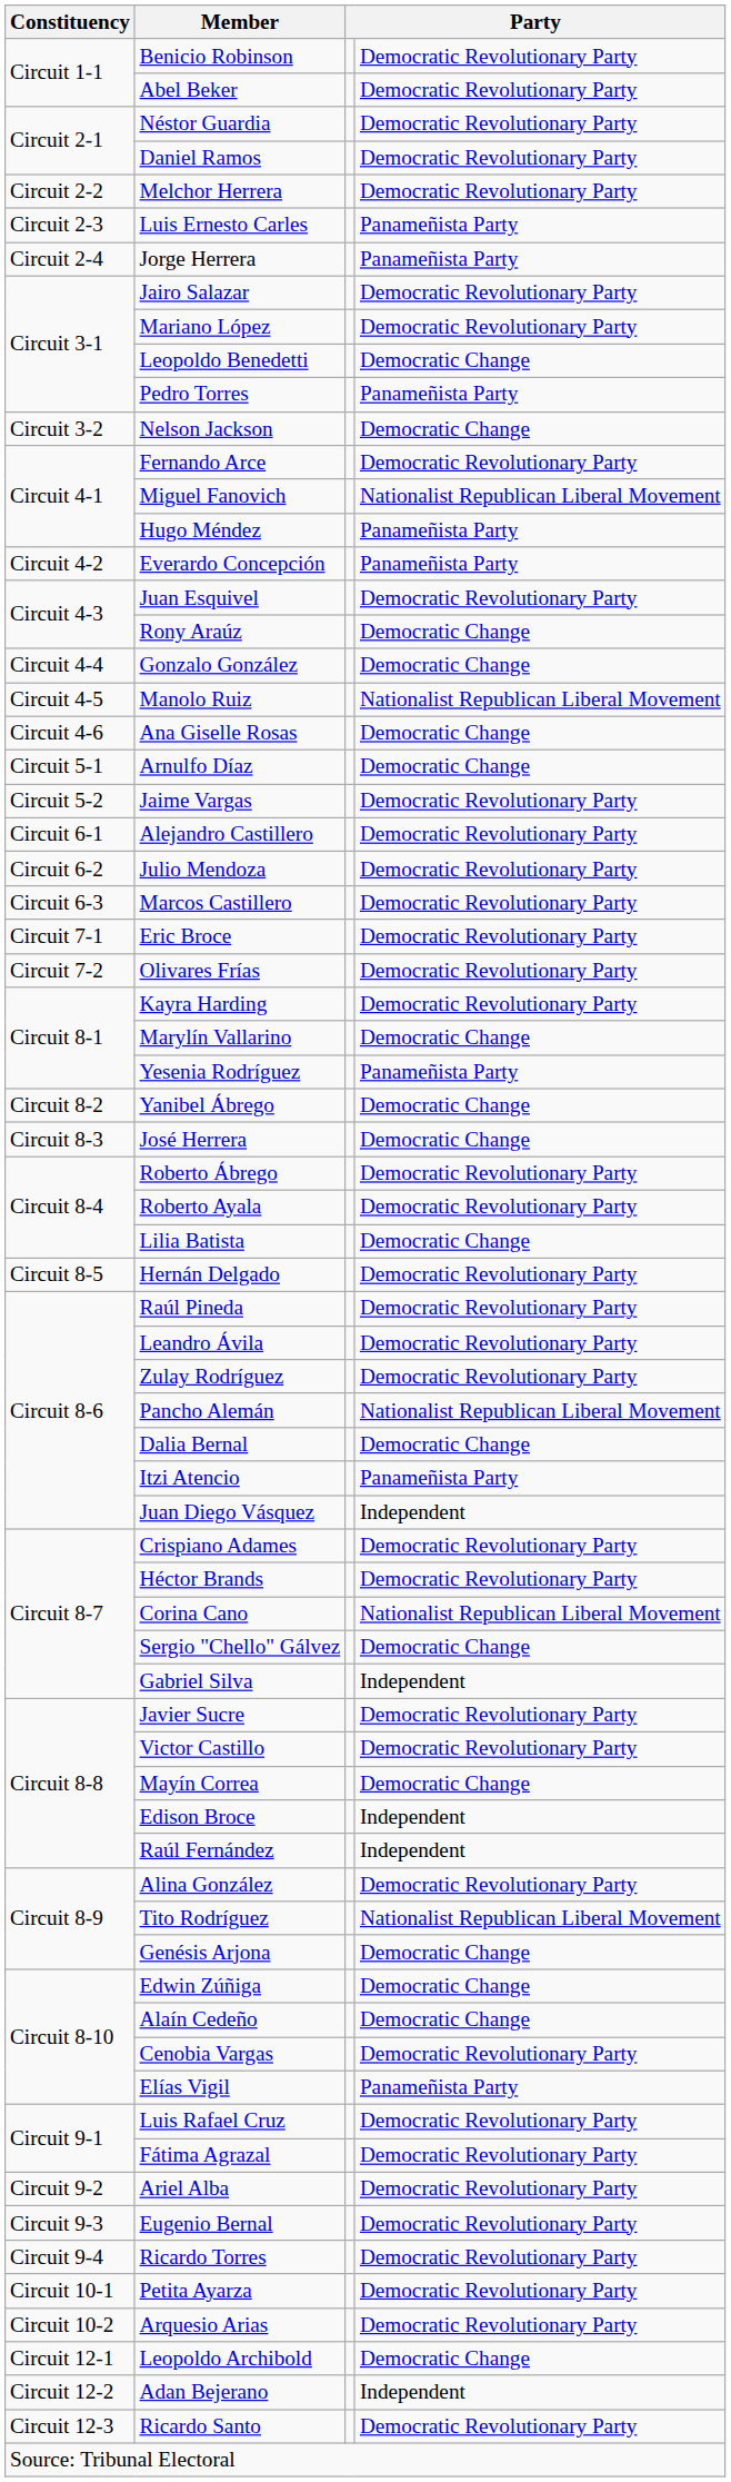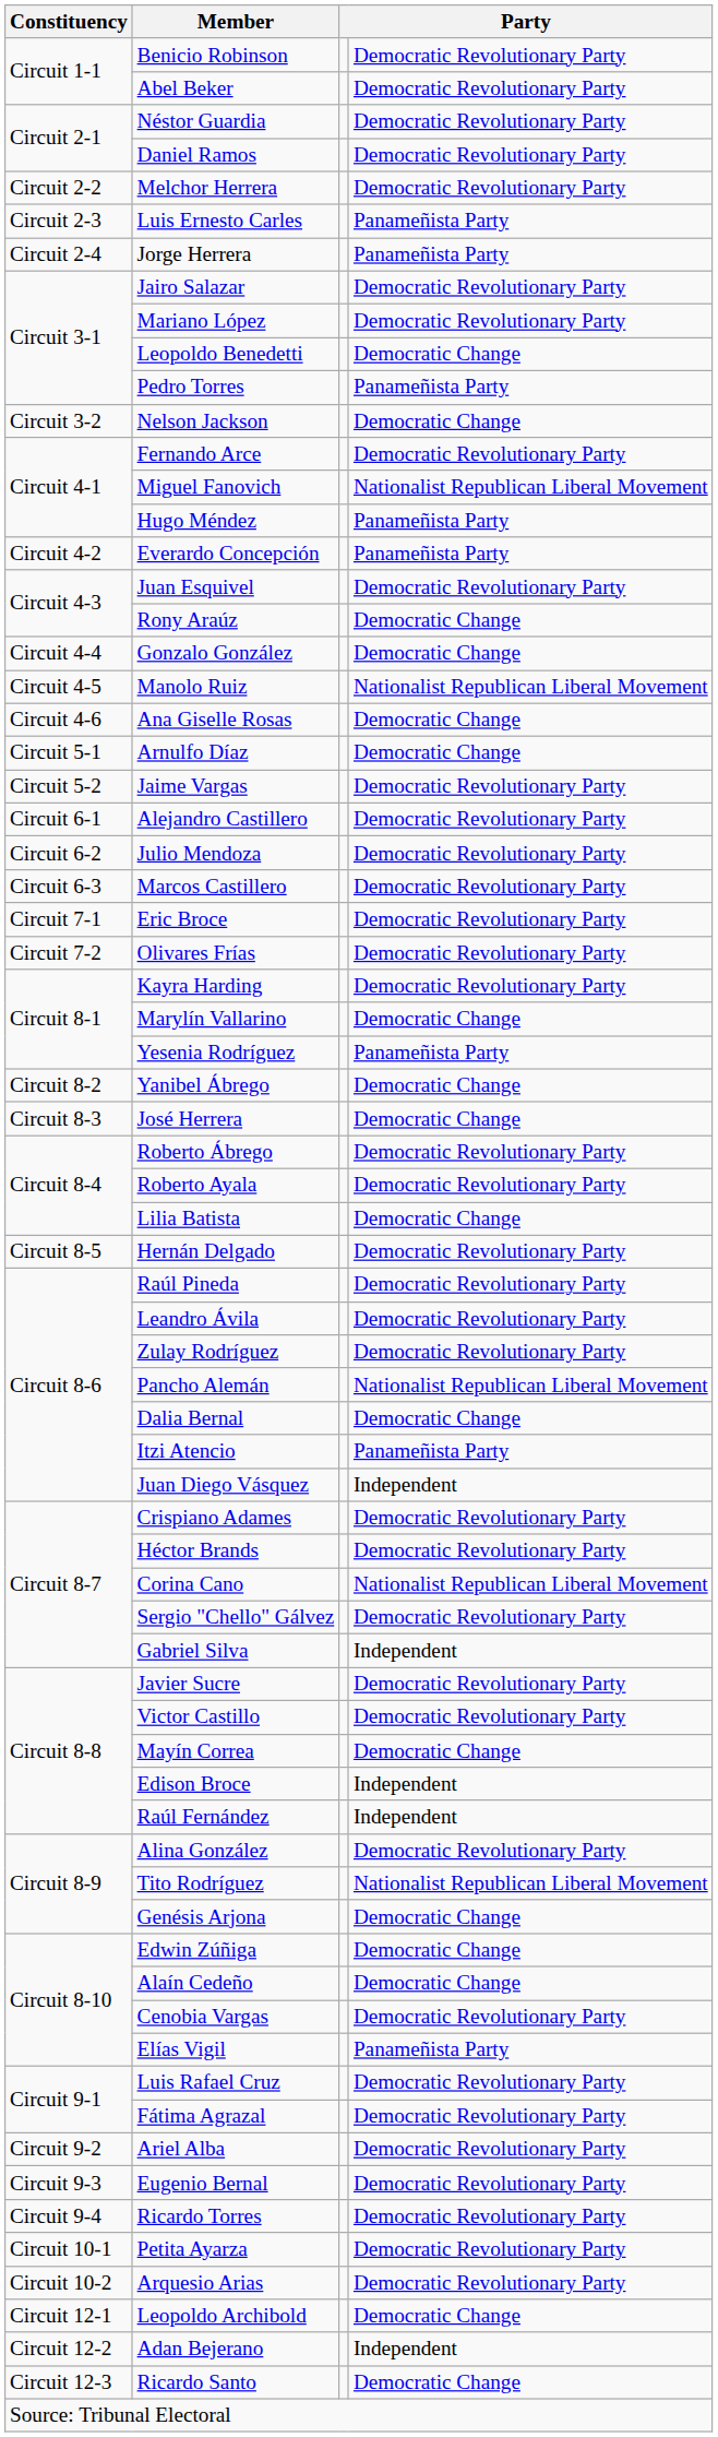 <table class="wikitable sortable">
 <tr>
 <th>Constituency</th>
 <th>Member</th>
 <th colspan="2">Party</th>
 </tr>
 <tr>
 <td rowspan=2>Circuit 1-1</td>
 <td><a href='#'>Benicio Robinson</a></td>
 <td style="background-color: "></td>
 <td><a href='#'>Democratic Revolutionary Party</a></td>
 </tr>
 <tr>
 <td><a href='#'>Abel Beker</a></td>
 <td style="background-color: "></td>
 <td><a href='#'>Democratic Revolutionary Party</a></td>
 </tr>
 <tr>
 <td rowspan=2>Circuit 2-1</td>
 <td><a href='#'>Néstor Guardia</a></td>
 <td style="background-color: "></td>
 <td><a href='#'>Democratic Revolutionary Party</a></td>
 </tr>
 <tr>
 <td><a href='#'>Daniel Ramos</a></td>
 <td style="background-color: "></td>
 <td><a href='#'>Democratic Revolutionary Party</a></td>
 </tr>
 <tr>
 <td>Circuit 2-2</td>
 <td><a href='#'>Melchor Herrera</a></td>
 <td style="background-color: "></td>
 <td><a href='#'>Democratic Revolutionary Party</a></td>
 </tr>
 <tr>
 <td>Circuit 2-3</td>
 <td><a href='#'>Luis Ernesto Carles</a></td>
 <td style="background-color: "></td>
 <td><a href='#'>Panameñista Party</a></td>
 </tr>
 <tr>
 <td>Circuit 2-4</td>
 <td>Jorge Herrera</td>
 <td style="background-color: "></td>
 <td><a href='#'>Panameñista Party</a></td>
 </tr>
 <tr>
 <td rowspan=4>Circuit 3-1</td>
 <td><a href='#'>Jairo Salazar</a></td>
 <td style="background-color: "></td>
 <td><a href='#'>Democratic Revolutionary Party</a></td>
 </tr>
 <tr>
 <td><a href='#'>Mariano López</a></td>
 <td style="background-color: "></td>
 <td><a href='#'>Democratic Revolutionary Party</a></td>
 </tr>
 <tr>
 <td><a href='#'>Leopoldo Benedetti</a></td>
 <td style="background-color: "></td>
 <td><a href='#'>Democratic Change</a></td>
 </tr>
 <tr>
 <td><a href='#'>Pedro Torres</a></td>
 <td style="background-color: "></td>
 <td><a href='#'>Panameñista Party</a></td>
 </tr>
 <tr>
 <td>Circuit 3-2</td>
 <td><a href='#'>Nelson Jackson</a></td>
 <td style="background-color: "></td>
 <td><a href='#'>Democratic Change</a></td>
 </tr>
 <tr>
 <td rowspan=3>Circuit 4-1</td>
 <td><a href='#'>Fernando Arce</a></td>
 <td style="background-color: "></td>
 <td><a href='#'>Democratic Revolutionary Party</a></td>
 </tr>
 <tr>
 <td><a href='#'>Miguel Fanovich</a></td>
 <td style="background-color: "></td>
 <td><a href='#'>Nationalist Republican Liberal Movement</a></td>
 </tr>
 <tr>
 <td><a href='#'>Hugo Méndez</a></td>
 <td style="background-color: "></td>
 <td><a href='#'>Panameñista Party</a></td>
 </tr>
 <tr>
 <td>Circuit 4-2</td>
 <td><a href='#'>Everardo Concepción</a></td>
 <td style="background-color: "></td>
 <td><a href='#'>Panameñista Party</a></td>
 </tr>
 <tr>
 <td rowspan=2>Circuit 4-3</td>
 <td><a href='#'>Juan Esquivel</a></td>
 <td style="background-color: "></td>
 <td><a href='#'>Democratic Revolutionary Party</a></td>
 </tr>
 <tr>
 <td><a href='#'>Rony Araúz</a></td>
 <td style="background-color: "></td>
 <td><a href='#'>Democratic Change</a></td>
 </tr>
 <tr>
 <td>Circuit 4-4</td>
 <td><a href='#'>Gonzalo González</a></td>
 <td style="background-color: "></td>
 <td><a href='#'>Democratic Change</a></td>
 </tr>
 <tr>
 <td>Circuit 4-5</td>
 <td><a href='#'>Manolo Ruiz</a></td>
 <td style="background-color: "></td>
 <td><a href='#'>Nationalist Republican Liberal Movement</a></td>
 </tr>
 <tr>
 <td>Circuit 4-6</td>
 <td><a href='#'>Ana Giselle Rosas</a></td>
 <td style="background-color: "></td>
 <td><a href='#'>Democratic Change</a></td>
 </tr>
 <tr>
 <td>Circuit 5-1</td>
 <td><a href='#'>Arnulfo Díaz</a></td>
 <td style="background-color: "></td>
 <td><a href='#'>Democratic Change</a></td>
 </tr>
 <tr>
 <td>Circuit 5-2</td>
 <td><a href='#'>Jaime Vargas</a></td>
 <td style="background-color: "></td>
 <td><a href='#'>Democratic Revolutionary Party</a></td>
 </tr>
 <tr>
 <td>Circuit 6-1</td>
 <td><a href='#'>Alejandro Castillero</a></td>
 <td style="background-color: "></td>
 <td><a href='#'>Democratic Revolutionary Party</a></td>
 </tr>
 <tr>
 <td>Circuit 6-2</td>
 <td><a href='#'>Julio Mendoza</a></td>
 <td style="background-color: "></td>
 <td><a href='#'>Democratic Revolutionary Party</a></td>
 </tr>
 <tr>
 <td>Circuit 6-3</td>
 <td><a href='#'>Marcos Castillero</a></td>
 <td style="background-color: "></td>
 <td><a href='#'>Democratic Revolutionary Party</a></td>
 </tr>
 <tr>
 <td>Circuit 7-1</td>
 <td><a href='#'>Eric Broce</a></td>
 <td style="background-color: "></td>
 <td><a href='#'>Democratic Revolutionary Party</a></td>
 </tr>
 <tr>
 <td>Circuit 7-2</td>
 <td><a href='#'>Olivares Frías</a></td>
 <td style="background-color: "></td>
 <td><a href='#'>Democratic Revolutionary Party</a></td>
 </tr>
 <tr>
 <td rowspan=3>Circuit 8-1</td>
 <td><a href='#'>Kayra Harding</a></td>
 <td style="background-color: "></td>
 <td><a href='#'>Democratic Revolutionary Party</a></td>
 </tr>
 <tr>
 <td><a href='#'>Marylín Vallarino</a></td>
 <td style="background-color: "></td>
 <td><a href='#'>Democratic Change</a></td>
 </tr>
 <tr>
 <td><a href='#'>Yesenia Rodríguez</a></td>
 <td style="background-color: "></td>
 <td><a href='#'>Panameñista Party</a></td>
 </tr>
 <tr>
 <td>Circuit 8-2</td>
 <td><a href='#'>Yanibel Ábrego</a></td>
 <td style="background-color: "></td>
 <td><a href='#'>Democratic Change</a></td>
 </tr>
 <tr>
 <td>Circuit 8-3</td>
 <td><a href='#'>José Herrera</a></td>
 <td style="background-color: "></td>
 <td><a href='#'>Democratic Change</a></td>
 </tr>
 <tr>
 <td rowspan=3>Circuit 8-4</td>
 <td><a href='#'>Roberto Ábrego</a></td>
 <td style="background-color: "></td>
 <td><a href='#'>Democratic Revolutionary Party</a></td>
 </tr>
 <tr>
 <td><a href='#'>Roberto Ayala</a></td>
 <td style="background-color: "></td>
 <td><a href='#'>Democratic Revolutionary Party</a></td>
 </tr>
 <tr>
 <td><a href='#'>Lilia Batista</a></td>
 <td style="background-color: "></td>
 <td><a href='#'>Democratic Change</a></td>
 </tr>
 <tr>
 <td>Circuit 8-5</td>
 <td><a href='#'>Hernán Delgado</a></td>
 <td style="background-color: "></td>
 <td><a href='#'>Democratic Revolutionary Party</a></td>
 </tr>
 <tr>
 <td rowspan=7>Circuit 8-6</td>
 <td><a href='#'>Raúl Pineda</a></td>
 <td style="background-color: "></td>
 <td><a href='#'>Democratic Revolutionary Party</a></td>
 </tr>
 <tr>
 <td><a href='#'>Leandro Ávila</a></td>
 <td style="background-color: "></td>
 <td><a href='#'>Democratic Revolutionary Party</a></td>
 </tr>
 <tr>
 <td><a href='#'>Zulay Rodríguez</a></td>
 <td style="background-color: "></td>
 <td><a href='#'>Democratic Revolutionary Party</a></td>
 </tr>
 <tr>
 <td><a href='#'>Pancho Alemán</a></td>
 <td style="background-color: "></td>
 <td><a href='#'>Nationalist Republican Liberal Movement</a></td>
 </tr>
 <tr>
 <td><a href='#'>Dalia Bernal</a></td>
 <td style="background-color: "></td>
 <td><a href='#'>Democratic Change</a></td>
 </tr>
 <tr>
 <td><a href='#'>Itzi Atencio</a></td>
 <td style="background-color: "></td>
 <td><a href='#'>Panameñista Party</a></td>
 </tr>
 <tr>
 <td><a href='#'>Juan Diego Vásquez</a></td>
 <td style="background-color: "></td>
 <td>Independent</td>
 </tr>
 <tr>
 <td rowspan=5>Circuit 8-7</td>
 <td><a href='#'>Crispiano Adames</a></td>
 <td style="background-color: "></td>
 <td><a href='#'>Democratic Revolutionary Party</a></td>
 </tr>
 <tr>
 <td><a href='#'>Héctor Brands</a></td>
 <td style="background-color: "></td>
 <td><a href='#'>Democratic Revolutionary Party</a></td>
 </tr>
 <tr>
 <td><a href='#'>Corina Cano</a></td>
 <td style="background-color: "></td>
 <td><a href='#'>Nationalist Republican Liberal Movement</a></td>
 </tr>
 <tr>
 <td><a href='#'>Sergio "Chello" Gálvez</a></td>
 <td style="background-color: "></td>
-<td><a href='#'>Democratic Change</a></td>
+<td><a href='#'>Democratic Revolutionary Party</a></td>
 </tr>
 <tr>
 <td><a href='#'>Gabriel Silva</a></td>
 <td style="background-color: "></td>
 <td>Independent</td>
 </tr>
 <tr>
 <td rowspan=5>Circuit 8-8</td>
 <td><a href='#'>Javier Sucre</a></td>
 <td style="background-color: "></td>
 <td><a href='#'>Democratic Revolutionary Party</a></td>
 </tr>
 <tr>
 <td><a href='#'>Victor Castillo</a></td>
 <td style="background-color: "></td>
 <td><a href='#'>Democratic Revolutionary Party</a></td>
 </tr>
 <tr>
 <td><a href='#'>Mayín Correa</a></td>
 <td style="background-color: "></td>
 <td><a href='#'>Democratic Change</a></td>
 </tr>
 <tr>
 <td><a href='#'>Edison Broce</a></td>
 <td style="background-color: "></td>
 <td>Independent</td>
 </tr>
 <tr>
 <td><a href='#'>Raúl Fernández</a></td>
 <td style="background-color: "></td>
 <td>Independent</td>
 </tr>
 <tr>
 <td rowspan=3>Circuit 8-9</td>
 <td><a href='#'>Alina González</a></td>
 <td style="background-color: "></td>
 <td><a href='#'>Democratic Revolutionary Party</a></td>
 </tr>
 <tr>
 <td><a href='#'>Tito Rodríguez</a></td>
 <td style="background-color: "></td>
 <td><a href='#'>Nationalist Republican Liberal Movement</a></td>
 </tr>
 <tr>
 <td><a href='#'>Genésis Arjona</a></td>
 <td style="background-color: "></td>
 <td><a href='#'>Democratic Change</a></td>
 </tr>
 <tr>
 <td rowspan=4>Circuit 8-10</td>
 <td><a href='#'>Edwin Zúñiga</a></td>
 <td style="background-color: "></td>
 <td><a href='#'>Democratic Change</a></td>
 </tr>
 <tr>
 <td><a href='#'>Alaín Cedeño</a></td>
 <td style="background-color: "></td>
 <td><a href='#'>Democratic Change</a></td>
 </tr>
 <tr>
 <td><a href='#'>Cenobia Vargas</a></td>
 <td style="background-color: "></td>
 <td><a href='#'>Democratic Revolutionary Party</a></td>
 </tr>
 <tr>
 <td><a href='#'>Elías Vigil</a></td>
 <td style="background-color: "></td>
 <td><a href='#'>Panameñista Party</a></td>
 </tr>
 <tr>
 <td rowspan=2>Circuit 9-1</td>
 <td><a href='#'>Luis Rafael Cruz</a></td>
 <td style="background-color: "></td>
 <td><a href='#'>Democratic Revolutionary Party</a></td>
 </tr>
 <tr>
 <td><a href='#'>Fátima Agrazal</a></td>
 <td style="background-color: "></td>
 <td><a href='#'>Democratic Revolutionary Party</a></td>
 </tr>
 <tr>
 <td>Circuit 9-2</td>
 <td><a href='#'>Ariel Alba</a></td>
 <td style="background-color: "></td>
 <td><a href='#'>Democratic Revolutionary Party</a></td>
 </tr>
 <tr>
 <td>Circuit 9-3</td>
 <td><a href='#'>Eugenio Bernal</a></td>
 <td style="background-color: "></td>
 <td><a href='#'>Democratic Revolutionary Party</a></td>
 </tr>
 <tr>
 <td>Circuit 9-4</td>
 <td><a href='#'>Ricardo Torres</a></td>
 <td style="background-color: "></td>
 <td><a href='#'>Democratic Revolutionary Party</a></td>
 </tr>
 <tr>
 <td>Circuit 10-1</td>
 <td><a href='#'>Petita Ayarza</a></td>
 <td style="background-color: "></td>
 <td><a href='#'>Democratic Revolutionary Party</a></td>
 </tr>
 <tr>
 <td>Circuit 10-2</td>
 <td><a href='#'>Arquesio Arias</a></td>
 <td style="background-color: "></td>
 <td><a href='#'>Democratic Revolutionary Party</a></td>
 </tr>
 <tr>
 <td>Circuit 12-1</td>
 <td><a href='#'>Leopoldo Archibold</a></td>
 <td style="background-color: "></td>
 <td><a href='#'>Democratic Change</a></td>
 </tr>
 <tr>
 <td>Circuit 12-2</td>
 <td><a href='#'>Adan Bejerano</a></td>
 <td style="background-color: "></td>
 <td>Independent</td>
 </tr>
 <tr>
 <td>Circuit 12-3</td>
 <td><a href='#'>Ricardo Santo</a></td>
 <td style="background-color: "></td>
-<td><a href='#'>Democratic Revolutionary Party</a></td>
+<td><a href='#'>Democratic Change</a></td>
 </tr>
 <tr class=sortbottom>
 <td colspan="4">Source: Tribunal Electoral</td>
 </tr>
 </table>
